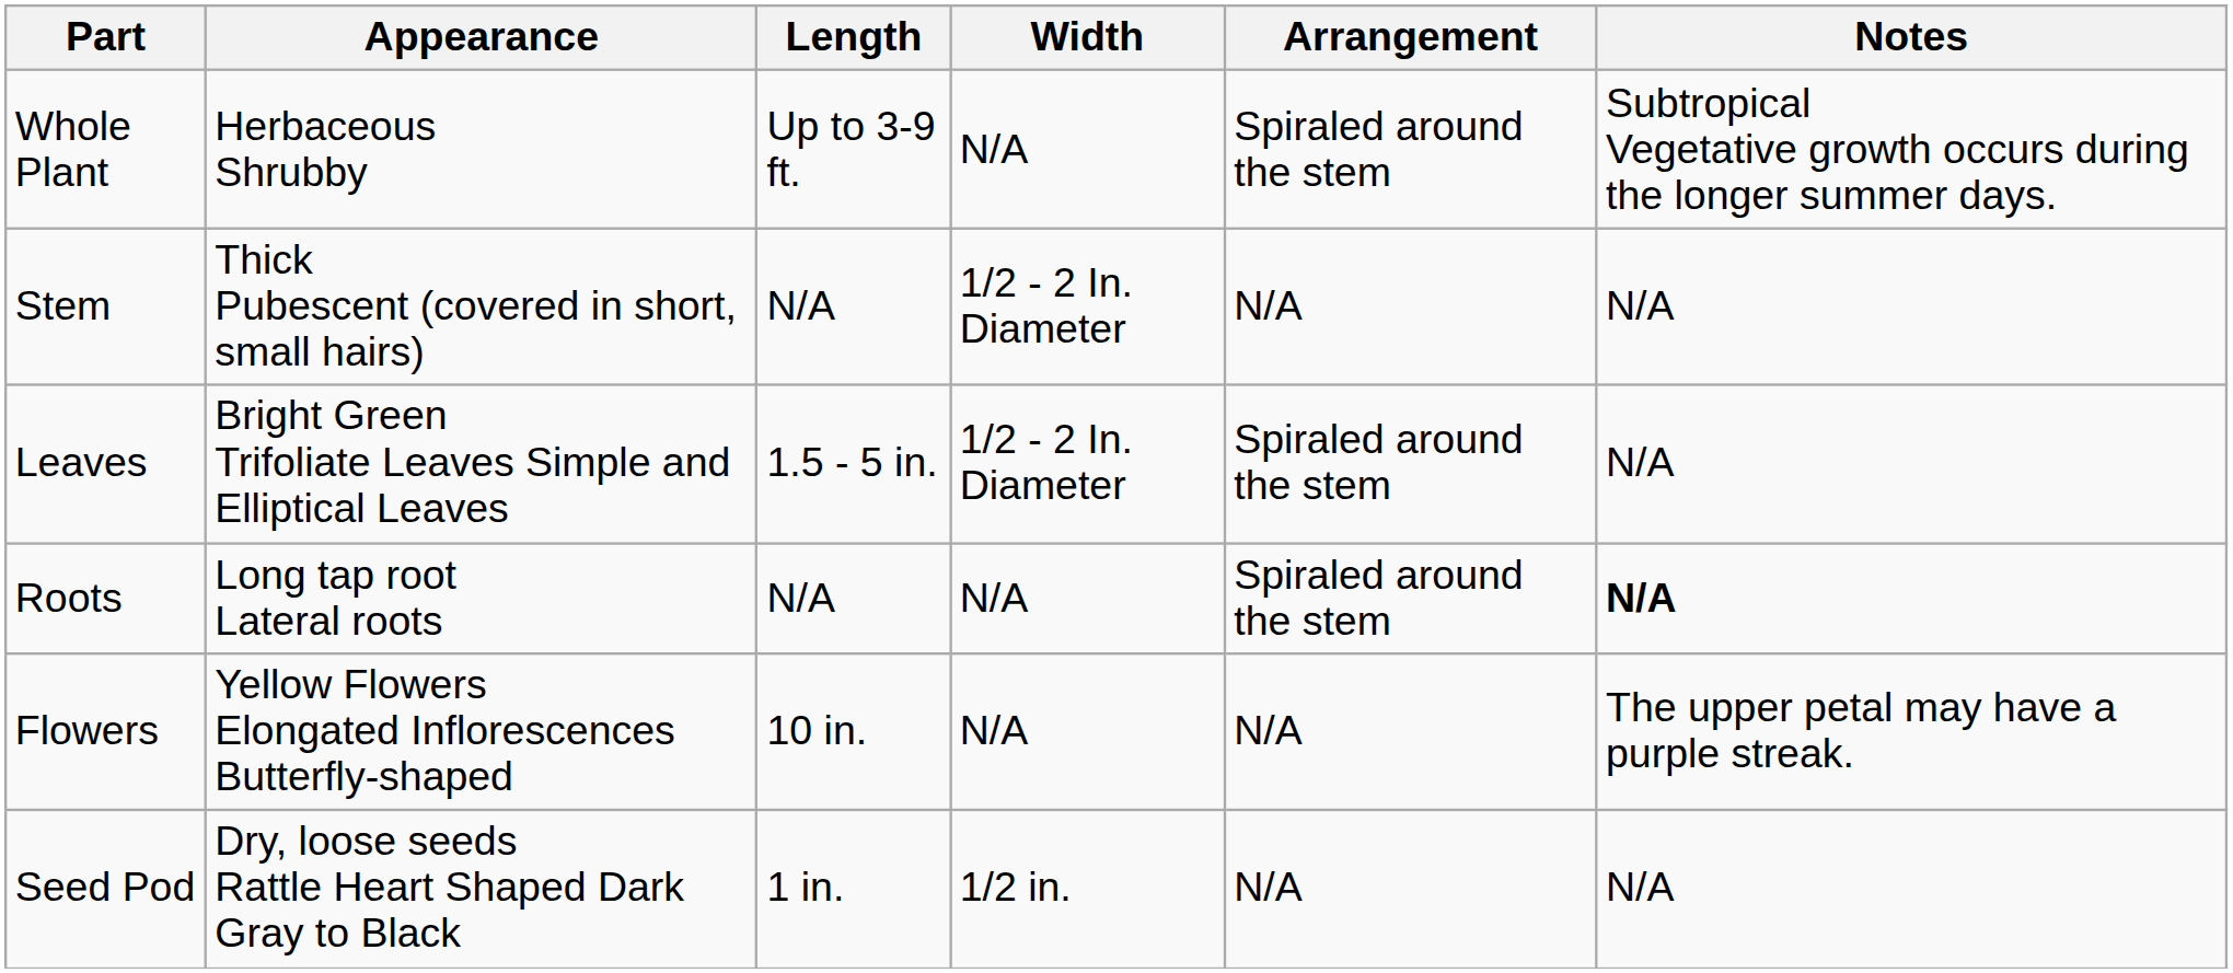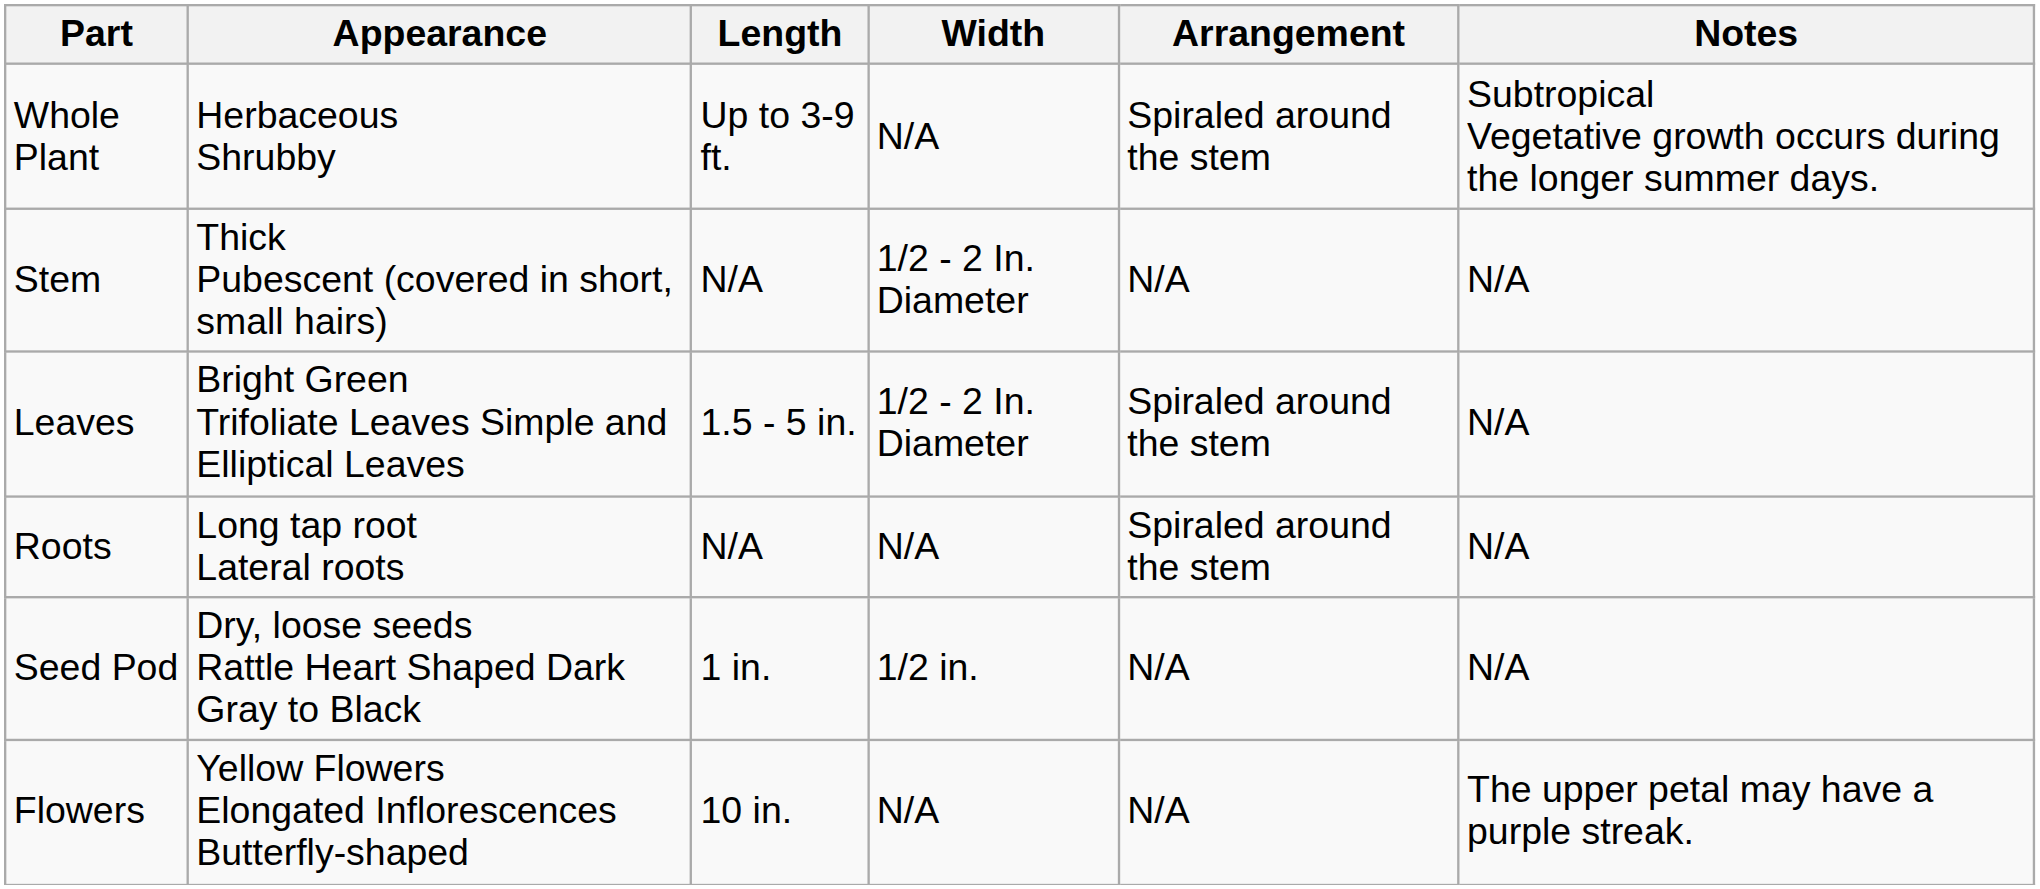 <table class="wikitable">
 <tr>
 <th>Part</th>
 <th>Appearance</th>
 <th>Length</th>
 <th>Width</th>
 <th>Arrangement</th>
 <th>Notes</th>
 </tr>
 <tr>
 <td>Whole Plant</td>
 <td>Herbaceous<br>Shrubby</td>
 <td>Up to 3-9 ft.</td>
 <td>N/A</td>
 <td>Spiraled around the stem</td>
 <td>Subtropical<br>Vegetative growth occurs during the longer summer days.</td>
 </tr>
 <tr>
 <td>Stem</td>
 <td>Thick<br>Pubescent (covered in short, small hairs)</td>
 <td>N/A</td>
 <td>1/2 - 2 In. Diameter</td>
 <td>N/A</td>
 <td>N/A</td>
 </tr>
 <tr>
 <td>Leaves</td>
 <td>Bright Green<br>Trifoliate Leaves Simple and Elliptical Leaves</td>
 <td>1.5 - 5 in.</td>
 <td>1/2 - 2 In. Diameter</td>
 <td>Spiraled around the stem</td>
 <td>N/A</td>
 </tr>
 <tr>
 <td>Roots</td>
 <td>Long tap root<br>Lateral roots</td>
 <td>N/A</td>
 <td>N/A</td>
 <td>Spiraled around the stem</td>
-<td><strong>N/A</strong></td>
+<td>N/A</td>
+</tr>
+<tr>
+<td>Seed Pod</td>
+<td>Dry, loose seeds<br>Rattle  Heart Shaped  Dark Gray to Black</td>
+<td>1 in.</td>
+<td>1/2 in.</td>
+<td>N/A</td>
+<td>N/A</td>
 </tr>
 <tr>
 <td>Flowers</td>
 <td>Yellow Flowers<br>Elongated  Inflorescences  Butterfly-shaped</td>
 <td>10 in.</td>
 <td>N/A</td>
 <td>N/A</td>
 <td>The upper petal may have a purple streak.</td>
 </tr>
-<tr>
-<td>Seed Pod</td>
-<td>Dry, loose seeds<br>Rattle  Heart Shaped  Dark Gray to Black</td>
-<td>1 in.</td>
-<td>1/2 in.</td>
-<td>N/A</td>
-<td>N/A</td>
-</tr>
 </table>
